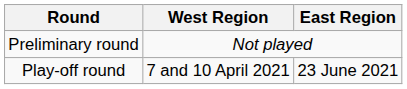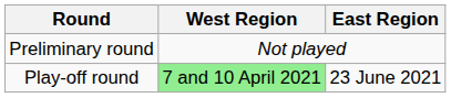 <table class="wikitable" style="text-align:center">
 <tr>
 <th>Round</th>
 <th>West Region</th>
 <th>East Region</th>
 </tr>
 <tr>
 <td>Preliminary round</td>
 <td colspan=2><em>Not played</em></td>
 </tr>
 <tr>
 <td>Play-off round</td>
-<td>7 and 10 April 2021</td>
+<td style="background: lightgreen;">7 and 10 April 2021</td>
 <td>23 June 2021</td>
 </tr>
 </table>
